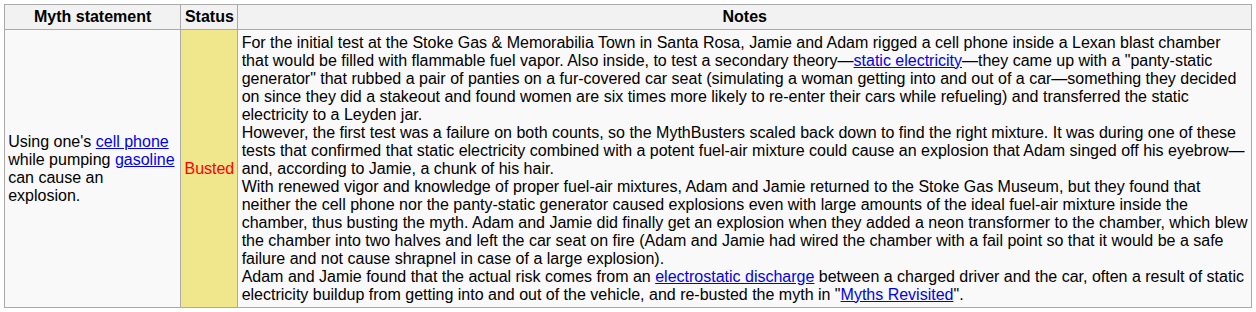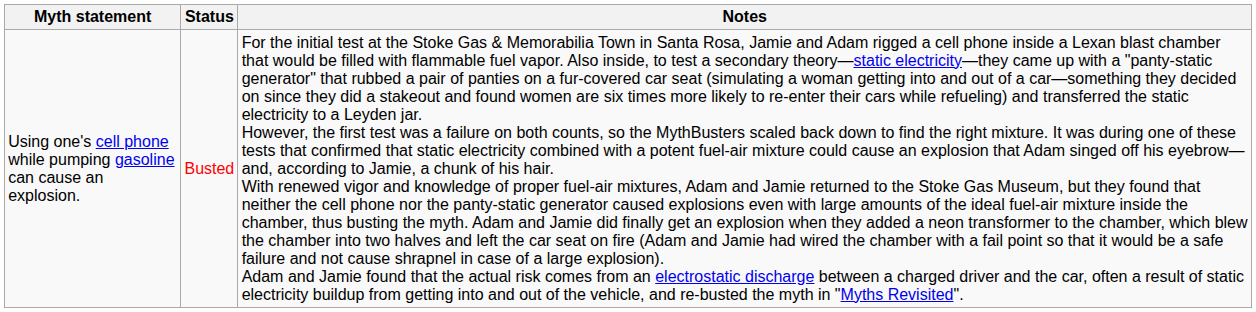 <table class="wikitable">
 <tr>
 <th>Myth statement</th>
 <th>Status</th>
 <th>Notes</th>
 </tr>
 <tr>
 <td>Using one's <a href='#'>cell phone</a> while pumping <a href='#'>gasoline</a> can cause an explosion.</td>
-<td style="background: khaki; color:red">Busted</td>
+<td style="color:red">Busted</td>
 <td>For the initial test at the Stoke Gas & Memorabilia Town in Santa Rosa, Jamie and Adam rigged a cell phone inside a Lexan blast chamber that would be filled with flammable fuel vapor. Also inside, to test a secondary theory—<a href='#'>static electricity</a>—they came up with a "panty-static generator" that rubbed a pair of panties on a fur-covered car seat (simulating a woman getting into and out of a car—something they decided on since they did a stakeout and found women are six times more likely to re-enter their cars while refueling) and transferred the static electricity to a Leyden jar.<br>However, the first test was a failure on both counts, so the MythBusters scaled back down to find the right mixture. It was during one of these tests that confirmed that static electricity combined with a potent fuel-air mixture could cause an explosion that Adam singed off his eyebrow—and, according to Jamie, a chunk of his hair.<br>With renewed vigor and knowledge of proper fuel-air mixtures, Adam and Jamie returned to the Stoke Gas Museum, but they found that neither the cell phone nor the panty-static generator caused explosions even with large amounts of the ideal fuel-air mixture inside the chamber, thus busting the myth. Adam and Jamie did finally get an explosion when they added a neon transformer to the chamber, which blew the chamber into two halves and left the car seat on fire (Adam and Jamie had wired the chamber with a fail point so that it would be a safe failure and not cause shrapnel in case of a large explosion).<br>Adam and Jamie found that the actual risk comes from an <a href='#'>electrostatic discharge</a> between a charged driver and the car, often a result of static electricity buildup from getting into and out of the vehicle, and re-busted the myth in "<a href='#'>Myths Revisited</a>".</td>
 </tr>
 </table>
